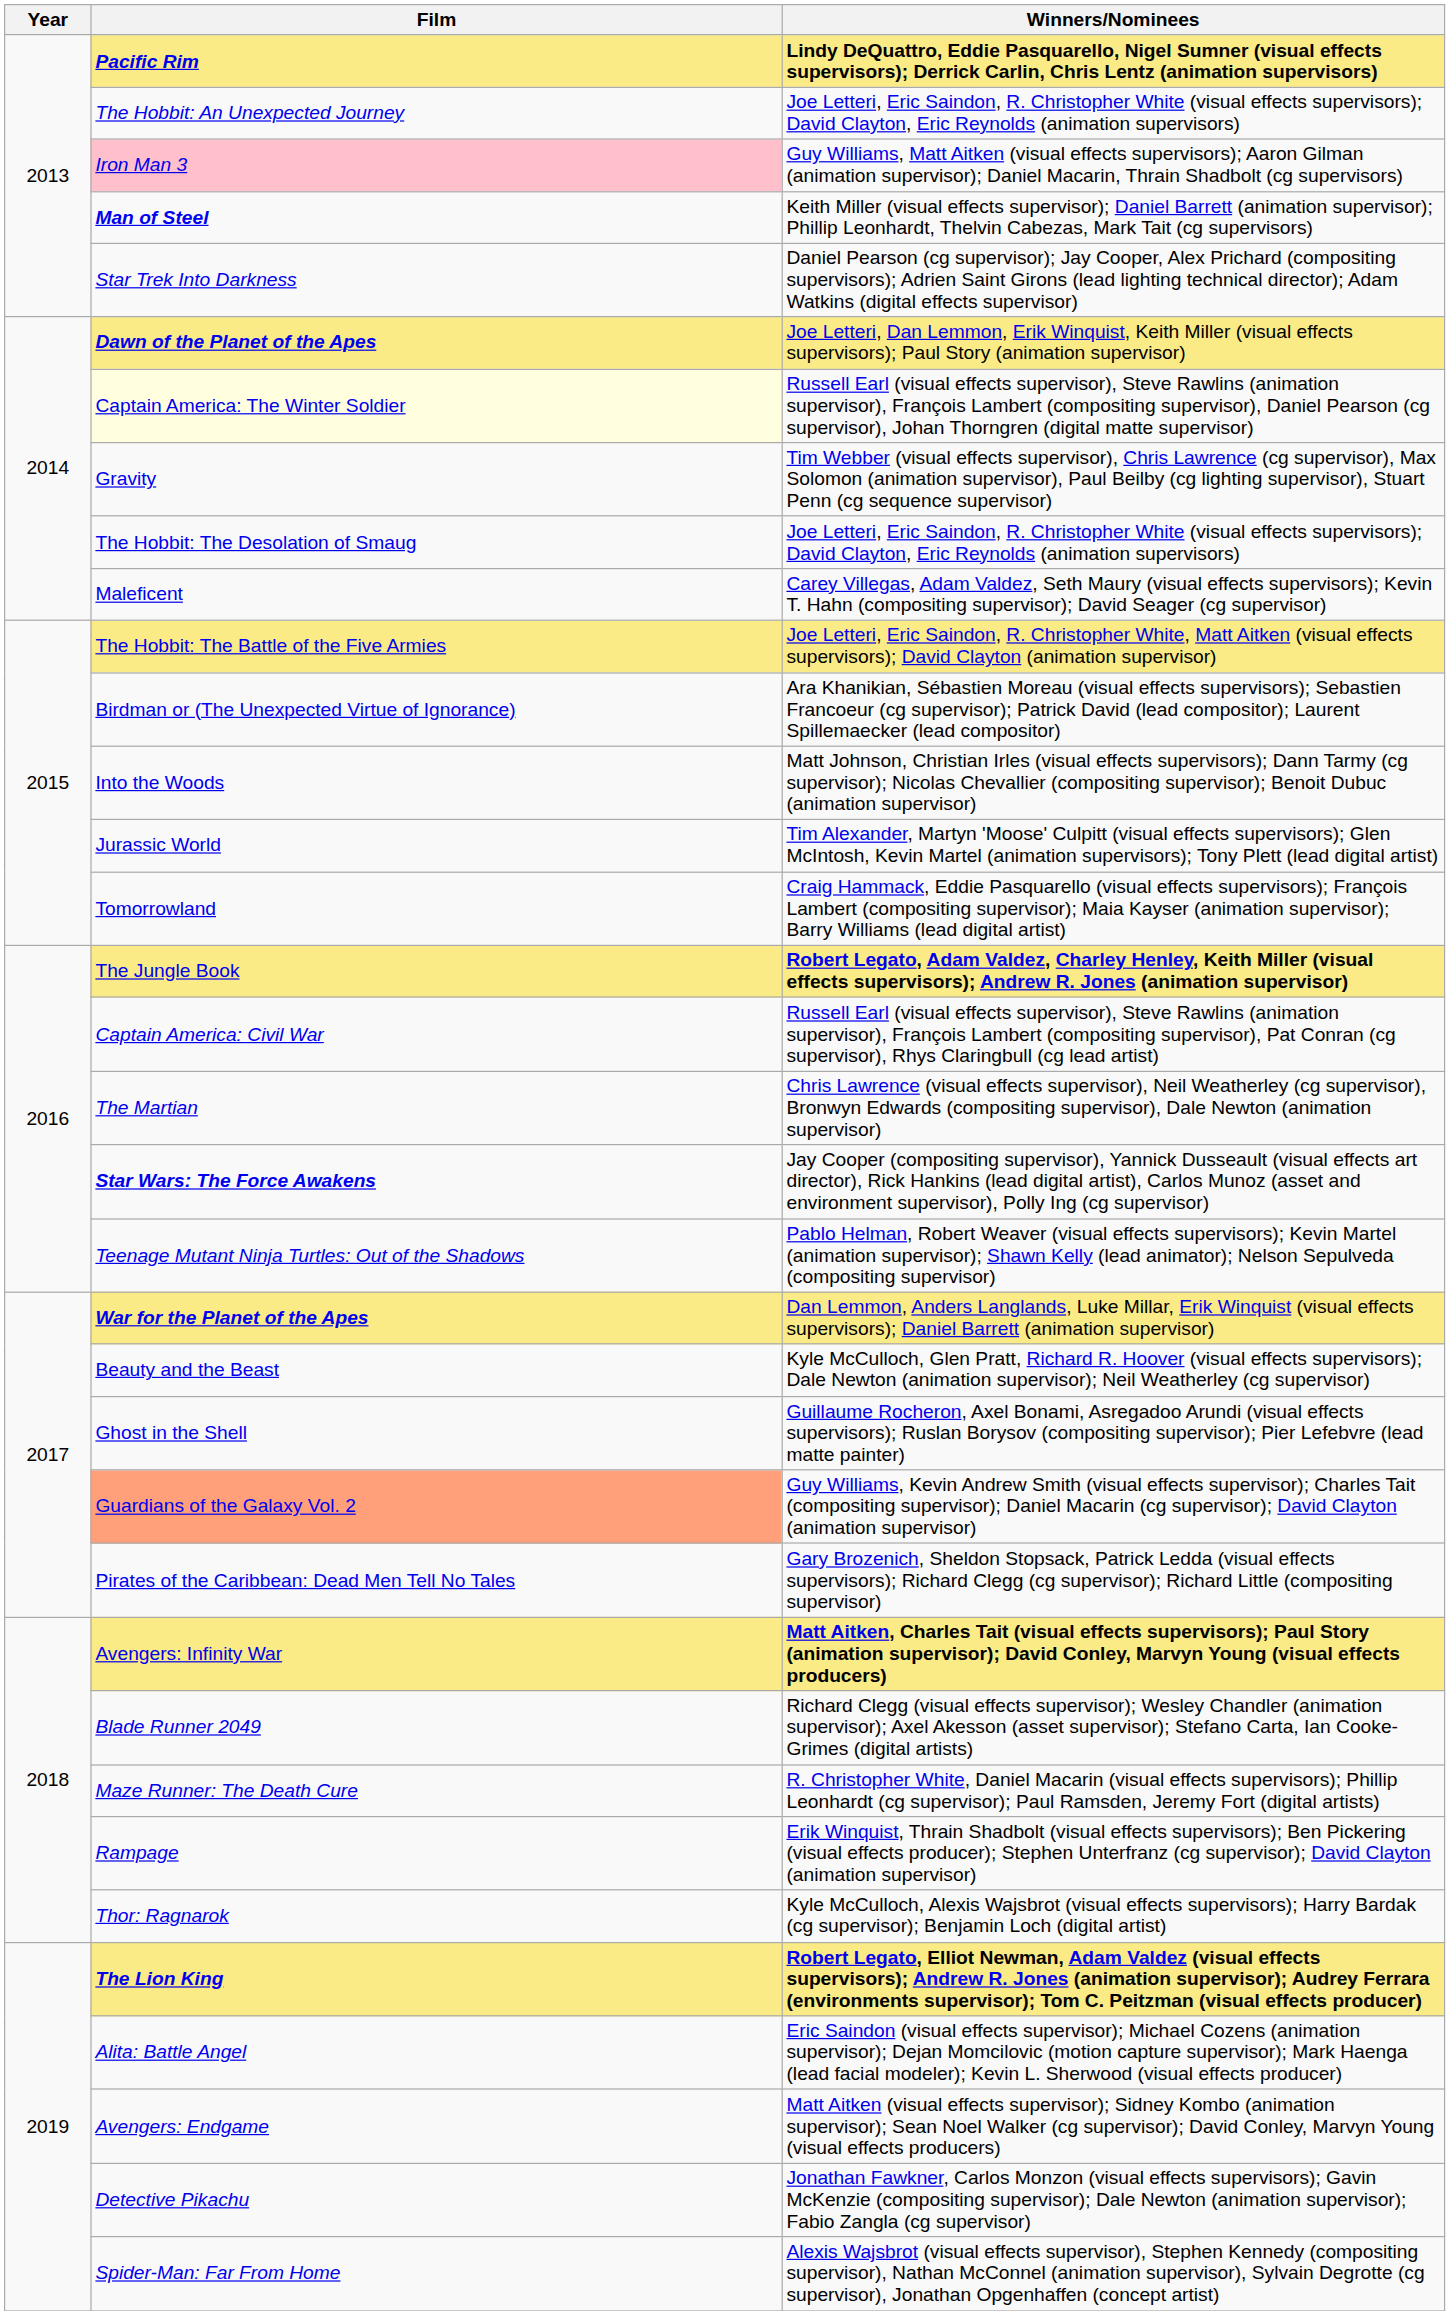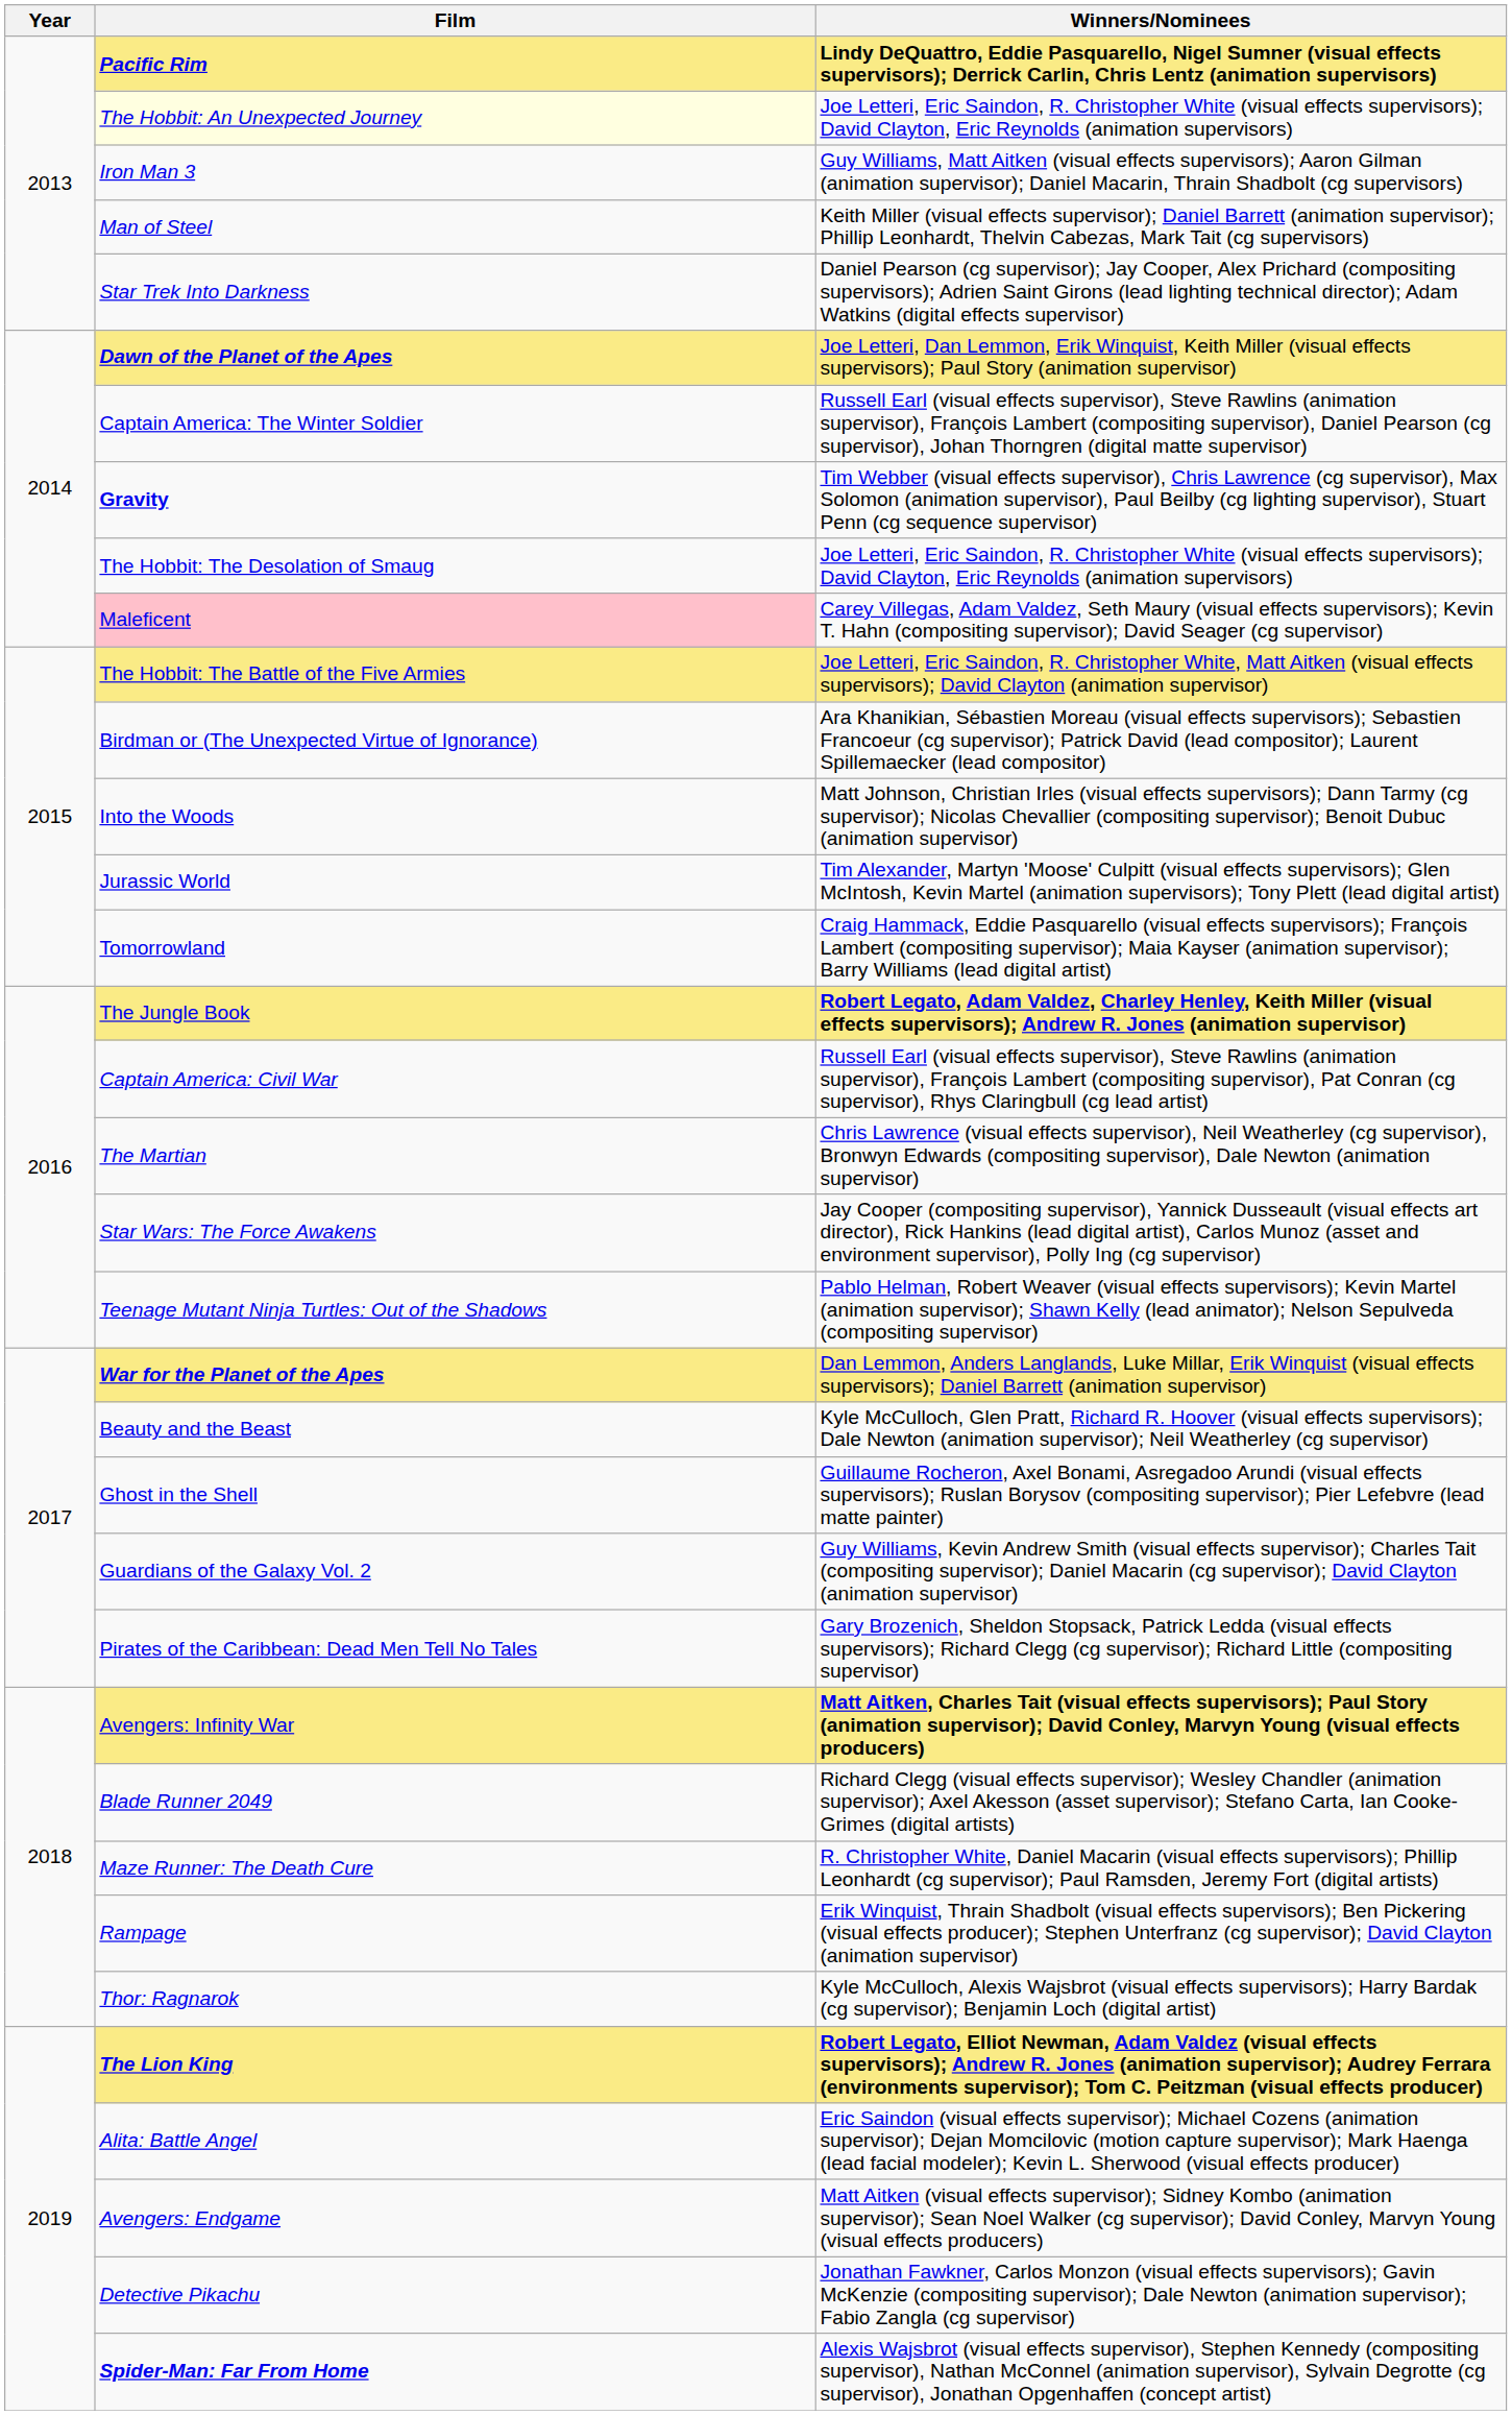 <table class="wikitable" width="95%" cellpadding="5">
 <tr>
 <th width="6%">Year</th>
 <th width="48%">Film</th>
 <th width="48%">Winners/Nominees</th>
 </tr>
 <tr>
 <td rowspan=5 style="text-align:center">2013<br></td>
 <td style="background:#FAEB86;"><strong><em><a href='#'>Pacific Rim</a></em></strong></td>
 <td style="background:#FAEB86;"><strong>Lindy DeQuattro, Eddie Pasquarello, Nigel Sumner (visual effects supervisors); Derrick Carlin, Chris Lentz (animation supervisors)</strong></td>
 </tr>
 <tr>
-<td><em><a href='#'>The Hobbit: An Unexpected Journey</a></em></td>
+<td style="background: lightyellow;"><em><a href='#'>The Hobbit: An Unexpected Journey</a></em></td>
 <td><a href='#'>Joe Letteri</a>, <a href='#'>Eric Saindon</a>, <a href='#'>R. Christopher White</a> (visual effects supervisors); <a href='#'>David Clayton</a>, <a href='#'>Eric Reynolds</a> (animation supervisors)</td>
 </tr>
 <tr>
-<td style="background: pink;"><em><a href='#'>Iron Man 3</a></em></td>
+<td><em><a href='#'>Iron Man 3</a></em></td>
 <td><a href='#'>Guy Williams</a>, <a href='#'>Matt Aitken</a> (visual effects supervisors); Aaron Gilman (animation supervisor); Daniel Macarin, Thrain Shadbolt (cg supervisors)</td>
 </tr>
 <tr>
-<td><strong><em><a href='#'>Man of Steel</a></em></strong></td>
+<td><em><a href='#'>Man of Steel</a></em></td>
 <td>Keith Miller (visual effects supervisor); <a href='#'>Daniel Barrett</a> (animation supervisor); Phillip Leonhardt, Thelvin Cabezas, Mark Tait (cg supervisors)</td>
 </tr>
 <tr>
 <td><em><a href='#'>Star Trek Into Darkness</a></em></td>
 <td>Daniel Pearson (cg supervisor); Jay Cooper, Alex Prichard (compositing supervisors); Adrien Saint Girons (lead lighting technical director); Adam Watkins (digital effects supervisor)</td>
 </tr>
 <tr>
 <td rowspan=5 style="text-align:center">2014<br></td>
 <td style="background:#FAEB86"><strong><em><a href='#'>Dawn of the Planet of the Apes</a><em> <strong></td>
 <td style="background:#FAEB86;"></strong><a href='#'>Joe Letteri</a>, <a href='#'>Dan Lemmon</a>, <a href='#'>Erik Winquist</a>, Keith Miller (visual effects supervisors); Paul Story (animation supervisor)<strong></td>
 </tr>
 <tr>
-<td style="background: lightyellow;"></em><a href='#'>Captain America: The Winter Soldier</a><em></td>
+<td></em><a href='#'>Captain America: The Winter Soldier</a><em></td>
 <td><a href='#'>Russell Earl</a> (visual effects supervisor), Steve Rawlins (animation supervisor), François Lambert (compositing supervisor), Daniel Pearson (cg supervisor), Johan Thorngren (digital matte supervisor)</td>
 </tr>
 <tr>
-<td></em><a href='#'>Gravity</a><em></td>
+<td><strong></em><a href='#'>Gravity</a><em></strong></td>
 <td><a href='#'>Tim Webber</a> (visual effects supervisor), <a href='#'>Chris Lawrence</a> (cg supervisor), Max Solomon (animation supervisor), Paul Beilby (cg lighting supervisor), Stuart Penn (cg sequence supervisor)</td>
 </tr>
 <tr>
 <td></em><a href='#'>The Hobbit: The Desolation of Smaug</a><em></td>
 <td><a href='#'>Joe Letteri</a>, <a href='#'>Eric Saindon</a>, <a href='#'>R. Christopher White</a> (visual effects supervisors); <a href='#'>David Clayton</a>, <a href='#'>Eric Reynolds</a> (animation supervisors)</td>
 </tr>
 <tr>
-<td></em><a href='#'>Maleficent</a><em></td>
+<td style="background: pink;"></em><a href='#'>Maleficent</a><em></td>
 <td><a href='#'>Carey Villegas</a>, <a href='#'>Adam Valdez</a>, Seth Maury (visual effects supervisors); Kevin T. Hahn (compositing supervisor); David Seager (cg supervisor)</td>
 </tr>
 <tr>
 <td rowspan=5 style="text-align:center">2015<br></td>
 <td style="background:#FAEB86"></em></strong><a href='#'>The Hobbit: The Battle of the Five Armies</a><strong><em></td>
 <td style="background:#FAEB86;"></strong><a href='#'>Joe Letteri</a>, <a href='#'>Eric Saindon</a>, <a href='#'>R. Christopher White</a>, <a href='#'>Matt Aitken</a> (visual effects supervisors); <a href='#'>David Clayton</a> (animation supervisor)<strong></td>
 </tr>
 <tr>
 <td></em><a href='#'>Birdman or (The Unexpected Virtue of Ignorance)</a><em></td>
 <td>Ara Khanikian, Sébastien Moreau (visual effects supervisors); Sebastien Francoeur (cg supervisor); Patrick David (lead compositor); Laurent Spillemaecker (lead compositor)</td>
 </tr>
 <tr>
 <td></em><a href='#'>Into the Woods</a><em></td>
 <td>Matt Johnson, Christian Irles (visual effects supervisors); Dann Tarmy (cg supervisor); Nicolas Chevallier (compositing supervisor); Benoit Dubuc (animation supervisor)</td>
 </tr>
 <tr>
 <td></em><a href='#'>Jurassic World</a><em></td>
 <td><a href='#'>Tim Alexander</a>, Martyn 'Moose' Culpitt (visual effects supervisors); Glen McIntosh, Kevin Martel (animation supervisors); Tony Plett (lead digital artist)</td>
 </tr>
 <tr>
 <td></em><a href='#'>Tomorrowland</a><em></td>
 <td><a href='#'>Craig Hammack</a>, Eddie Pasquarello (visual effects supervisors); François Lambert (compositing supervisor); Maia Kayser (animation supervisor); Barry Williams (lead digital artist)</td>
 </tr>
 <tr>
 <td rowspan=5 style="text-align:center">2016<br></td>
 <td style="background:#FAEB86"></em></strong><a href='#'>The Jungle Book</a></em> </strong></td>
 <td style="background:#FAEB86;"><strong><a href='#'>Robert Legato</a>, <a href='#'>Adam Valdez</a>, <a href='#'>Charley Henley</a>, Keith Miller (visual effects supervisors); <a href='#'>Andrew R. Jones</a> (animation supervisor)</strong></td>
 </tr>
 <tr>
 <td><em><a href='#'>Captain America: Civil War</a></em></td>
 <td><a href='#'>Russell Earl</a> (visual effects supervisor), Steve Rawlins (animation supervisor), François Lambert (compositing supervisor), Pat Conran (cg supervisor), Rhys Claringbull (cg lead artist)</td>
 </tr>
 <tr>
 <td><em><a href='#'>The Martian</a></em></td>
 <td><a href='#'>Chris Lawrence</a> (visual effects supervisor), Neil Weatherley (cg supervisor), Bronwyn Edwards (compositing supervisor), Dale Newton (animation supervisor)</td>
 </tr>
 <tr>
-<td><strong><em><a href='#'>Star Wars: The Force Awakens</a></em></strong></td>
+<td><em><a href='#'>Star Wars: The Force Awakens</a></em></td>
 <td>Jay Cooper (compositing supervisor), Yannick Dusseault (visual effects art director), Rick Hankins (lead digital artist), Carlos Munoz (asset and environment supervisor), Polly Ing (cg supervisor)</td>
 </tr>
 <tr>
 <td><em><a href='#'>Teenage Mutant Ninja Turtles: Out of the Shadows</a></em></td>
 <td><a href='#'>Pablo Helman</a>, Robert Weaver (visual effects supervisors); Kevin Martel (animation supervisor); <a href='#'>Shawn Kelly</a> (lead animator); Nelson Sepulveda (compositing supervisor)</td>
 </tr>
 <tr>
 <td rowspan=5 style="text-align:center">2017<br></td>
 <td style="background:#FAEB86"><strong><em><a href='#'>War for the Planet of the Apes</a><em> <strong></td>
 <td style="background:#FAEB86;"></strong><a href='#'>Dan Lemmon</a>, <a href='#'>Anders Langlands</a>, Luke Millar, <a href='#'>Erik Winquist</a> (visual effects supervisors); <a href='#'>Daniel Barrett</a> (animation supervisor)<strong></td>
 </tr>
 <tr>
 <td></em><a href='#'>Beauty and the Beast</a><em></td>
 <td>Kyle McCulloch, Glen Pratt, <a href='#'>Richard R. Hoover</a> (visual effects supervisors); Dale Newton (animation supervisor); Neil Weatherley (cg supervisor)</td>
 </tr>
 <tr>
 <td></em><a href='#'>Ghost in the Shell</a><em></td>
 <td><a href='#'>Guillaume Rocheron</a>, Axel Bonami, Asregadoo Arundi (visual effects supervisors); Ruslan Borysov (compositing supervisor); Pier Lefebvre (lead matte painter)</td>
 </tr>
 <tr>
-<td style="background: lightsalmon;"></em><a href='#'>Guardians of the Galaxy Vol. 2</a><em></td>
+<td></em><a href='#'>Guardians of the Galaxy Vol. 2</a><em></td>
 <td><a href='#'>Guy Williams</a>, Kevin Andrew Smith (visual effects supervisor); Charles Tait (compositing supervisor); Daniel Macarin (cg supervisor); <a href='#'>David Clayton</a> (animation supervisor)</td>
 </tr>
 <tr>
 <td></em><a href='#'>Pirates of the Caribbean: Dead Men Tell No Tales</a><em></td>
 <td><a href='#'>Gary Brozenich</a>, Sheldon Stopsack, Patrick Ledda (visual effects supervisors); Richard Clegg (cg supervisor); Richard Little (compositing supervisor)</td>
 </tr>
 <tr>
 <td rowspan=5 style="text-align:center">2018<br></td>
 <td style="background:#FAEB86"></em></strong><a href='#'>Avengers: Infinity War</a></em> </strong></td>
 <td style="background:#FAEB86;"><strong><a href='#'>Matt Aitken</a>, Charles Tait (visual effects supervisors); Paul Story (animation supervisor); David Conley, Marvyn Young (visual effects producers)</strong></td>
 </tr>
 <tr>
 <td><em><a href='#'>Blade Runner 2049</a></em></td>
 <td>Richard Clegg (visual effects supervisor); Wesley Chandler (animation supervisor); Axel Akesson (asset supervisor); Stefano Carta, Ian Cooke-Grimes (digital artists)</td>
 </tr>
 <tr>
 <td><em><a href='#'>Maze Runner: The Death Cure</a></em></td>
 <td><a href='#'>R. Christopher White</a>, Daniel Macarin (visual effects supervisors); Phillip Leonhardt (cg supervisor); Paul Ramsden, Jeremy Fort (digital artists)</td>
 </tr>
 <tr>
 <td><em><a href='#'>Rampage</a></em></td>
 <td><a href='#'>Erik Winquist</a>, Thrain Shadbolt (visual effects supervisors); Ben Pickering (visual effects producer); Stephen Unterfranz (cg supervisor); <a href='#'>David Clayton</a> (animation supervisor)</td>
 </tr>
 <tr>
 <td><em><a href='#'>Thor: Ragnarok</a></em></td>
 <td>Kyle McCulloch, Alexis Wajsbrot (visual effects supervisors); Harry Bardak (cg supervisor); Benjamin Loch (digital artist)</td>
 </tr>
 <tr>
 <td rowspan=5 style="text-align:center">2019<br></td>
 <td style="background:#FAEB86"><strong><em><a href='#'>The Lion King</a></em></strong></td>
 <td style="background:#FAEB86;"><strong><a href='#'>Robert Legato</a>, Elliot Newman, <a href='#'>Adam Valdez</a> (visual effects supervisors); <a href='#'>Andrew R. Jones</a> (animation supervisor); Audrey Ferrara (environments supervisor); Tom C. Peitzman (visual effects producer)</strong></td>
 </tr>
 <tr>
 <td><em><a href='#'>Alita: Battle Angel</a></em></td>
 <td><a href='#'>Eric Saindon</a> (visual effects supervisor); Michael Cozens (animation supervisor); Dejan Momcilovic (motion capture supervisor); Mark Haenga (lead facial modeler); Kevin L. Sherwood (visual effects producer)</td>
 </tr>
 <tr>
 <td><em><a href='#'>Avengers: Endgame</a></em></td>
 <td><a href='#'>Matt Aitken</a> (visual effects supervisor); Sidney Kombo (animation supervisor); Sean Noel Walker (cg supervisor); David Conley, Marvyn Young (visual effects producers)</td>
 </tr>
 <tr>
 <td><em><a href='#'>Detective Pikachu</a></em></td>
 <td><a href='#'>Jonathan Fawkner</a>, Carlos Monzon (visual effects supervisors); Gavin McKenzie (compositing supervisor); Dale Newton (animation supervisor); Fabio Zangla (cg supervisor)</td>
 </tr>
 <tr>
-<td><em><a href='#'>Spider-Man: Far From Home</a></em></td>
+<td><strong><em><a href='#'>Spider-Man: Far From Home</a></em></strong></td>
 <td><a href='#'>Alexis Wajsbrot</a> (visual effects supervisor), Stephen Kennedy (compositing supervisor), Nathan McConnel (animation supervisor), Sylvain Degrotte (cg supervisor), Jonathan Opgenhaffen (concept artist)</td>
 </tr>
 </table>
